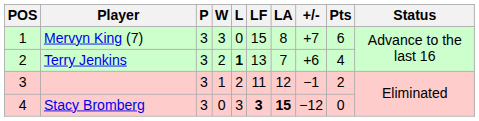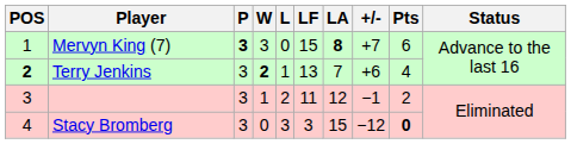 <table class="wikitable" style="text-align:center; margin: 1em auto 1em auto, align:left">
 <tr>
 <th width=20>POS</th>
 <th width=169>Player</th>
 <th width=3>P</th>
 <th width=3>W</th>
 <th width=3>L</th>
 <th width=20>LF</th>
 <th width=20>LA</th>
 <th width=20>+/-</th>
 <th width=20>Pts</th>
 <th width=129>Status</th>
 </tr>
 <tr style="background:#CCFFCC;">
 <td>1</td>
 <td style="text-align:left;"> <a href='#'>Mervyn King</a> (7)</td>
-<td>3</td>
+<td><strong>3</strong></td>
 <td>3</td>
 <td>0</td>
 <td>15</td>
-<td>8</td>
+<td><strong>8</strong></td>
 <td>+7</td>
 <td>6</td>
 <td rowspan=2>Advance to the last 16</td>
 </tr>
 <tr style="background:#CCFFCC;">
-<td>2</td>
+<td><strong>2</strong></td>
 <td style="text-align:left;"> <a href='#'>Terry Jenkins</a></td>
 <td>3</td>
-<td>2</td>
-<td><strong>1</strong></td>
+<td><strong>2</strong></td>
+<td>1</td>
 <td>13</td>
 <td>7</td>
 <td>+6</td>
 <td>4</td>
 </tr>
 <tr style="background:#FFCCCC;">
 <td>3</td>
 <td style="text-align:left;"></td>
 <td>3</td>
 <td>1</td>
 <td>2</td>
 <td>11</td>
 <td>12</td>
 <td>−1</td>
 <td>2</td>
 <td rowspan=2>Eliminated</td>
 </tr>
 <tr style="background:#FFCCCC;">
 <td>4</td>
 <td style="text-align:left;"> <a href='#'>Stacy Bromberg</a></td>
 <td>3</td>
 <td>0</td>
 <td>3</td>
-<td><strong>3</strong></td>
-<td><strong>15</strong></td>
+<td>3</td>
+<td>15</td>
 <td>−12</td>
-<td>0</td>
+<td><strong>0</strong></td>
 </tr>
 </table>
